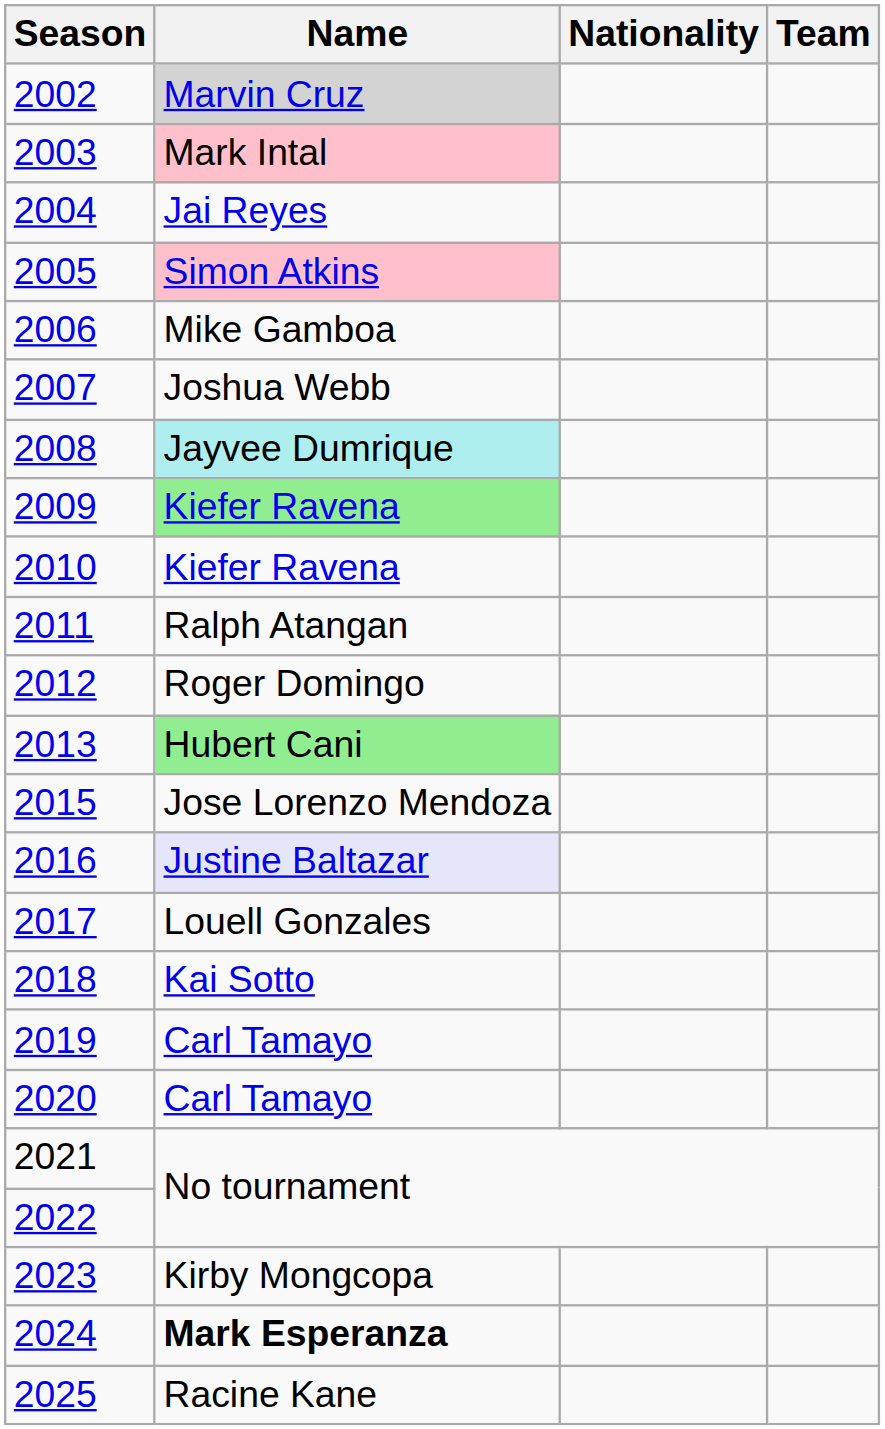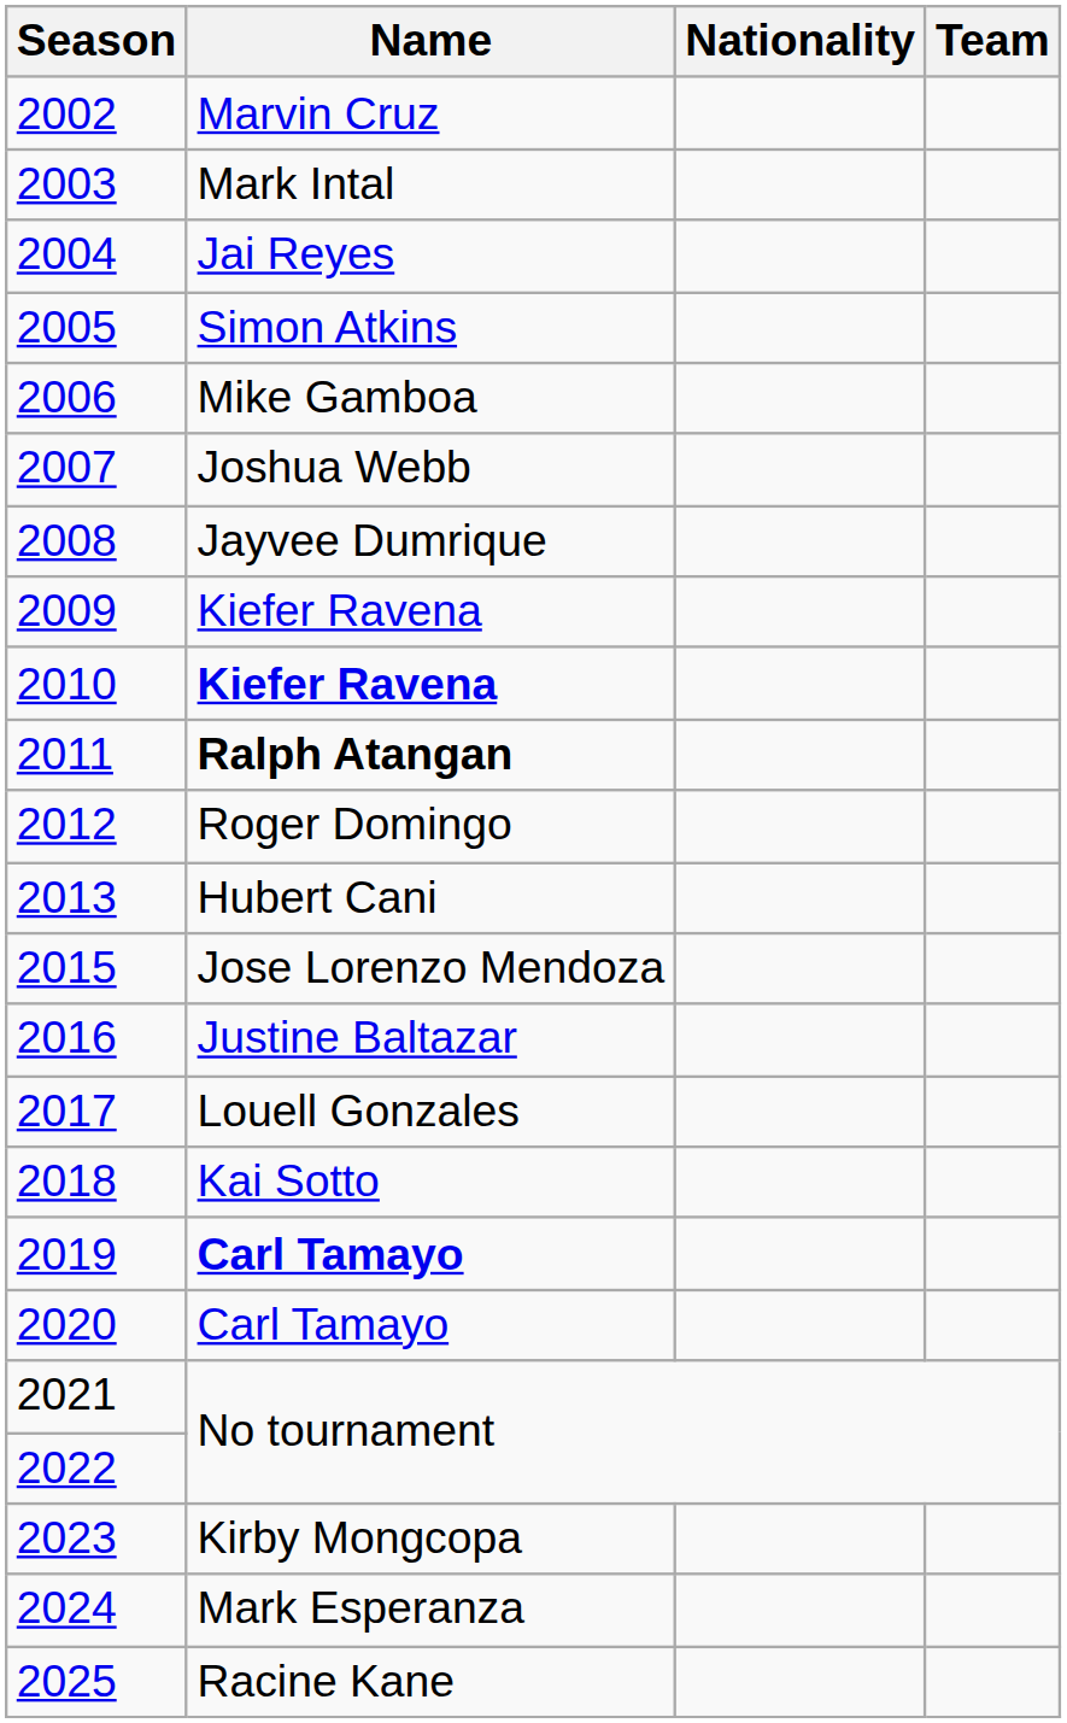 <table class="wikitable">
 <tr>
 <th>Season</th>
 <th>Name</th>
 <th>Nationality</th>
 <th>Team</th>
 </tr>
 <tr>
 <td><a href='#'>2002</a></td>
-<td style="background: lightgrey;"><a href='#'>Marvin Cruz</a></td>
+<td><a href='#'>Marvin Cruz</a></td>
 <td></td>
 <td></td>
 </tr>
 <tr>
 <td><a href='#'>2003</a></td>
-<td style="background: pink;">Mark Intal</td>
+<td>Mark Intal</td>
 <td></td>
 <td></td>
 </tr>
 <tr>
 <td><a href='#'>2004</a></td>
 <td><a href='#'>Jai Reyes</a></td>
 <td></td>
 <td></td>
 </tr>
 <tr>
 <td><a href='#'>2005</a></td>
-<td style="background: pink;"><a href='#'>Simon Atkins</a></td>
+<td><a href='#'>Simon Atkins</a></td>
 <td></td>
 <td></td>
 </tr>
 <tr>
 <td><a href='#'>2006</a></td>
 <td>Mike Gamboa</td>
 <td></td>
 <td></td>
 </tr>
 <tr>
 <td><a href='#'>2007</a></td>
 <td>Joshua Webb</td>
 <td></td>
 <td></td>
 </tr>
 <tr>
 <td><a href='#'>2008</a></td>
-<td style="background: paleturquoise;">Jayvee Dumrique</td>
+<td>Jayvee Dumrique</td>
 <td></td>
 <td></td>
 </tr>
 <tr>
 <td><a href='#'>2009</a></td>
-<td style="background: lightgreen;"><a href='#'>Kiefer Ravena</a></td>
+<td><a href='#'>Kiefer Ravena</a></td>
 <td></td>
 <td></td>
 </tr>
 <tr>
 <td><a href='#'>2010</a></td>
-<td><a href='#'>Kiefer Ravena</a></td>
+<td><strong><a href='#'>Kiefer Ravena</a></strong></td>
 <td></td>
 <td></td>
 </tr>
 <tr>
 <td><a href='#'>2011</a></td>
-<td>Ralph Atangan</td>
+<td><strong>Ralph Atangan</strong></td>
 <td></td>
 <td></td>
 </tr>
 <tr>
 <td><a href='#'>2012</a></td>
 <td>Roger Domingo</td>
 <td></td>
 <td></td>
 </tr>
 <tr>
 <td><a href='#'>2013</a></td>
-<td style="background: lightgreen;">Hubert Cani</td>
+<td>Hubert Cani</td>
 <td></td>
 <td></td>
 </tr>
 <tr>
 <td><a href='#'>2015</a></td>
 <td>Jose Lorenzo Mendoza</td>
 <td></td>
 <td></td>
 </tr>
 <tr>
 <td><a href='#'>2016</a></td>
-<td style="background: lavender;"><a href='#'>Justine Baltazar</a></td>
+<td><a href='#'>Justine Baltazar</a></td>
 <td></td>
 <td></td>
 </tr>
 <tr>
 <td><a href='#'>2017</a></td>
 <td>Louell Gonzales</td>
 <td></td>
 <td></td>
 </tr>
 <tr>
 <td><a href='#'>2018</a></td>
 <td><a href='#'>Kai Sotto</a></td>
 <td></td>
 <td></td>
 </tr>
 <tr>
 <td><a href='#'>2019</a></td>
-<td><a href='#'>Carl Tamayo</a></td>
+<td><strong><a href='#'>Carl Tamayo</a></strong></td>
 <td></td>
 <td></td>
 </tr>
 <tr>
 <td><a href='#'>2020</a></td>
 <td><a href='#'>Carl Tamayo</a></td>
 <td></td>
 <td></td>
 </tr>
 <tr>
 <td>2021</td>
 <td colspan="3" rowspan="2">No tournament</td>
 </tr>
 <tr>
 <td><a href='#'>2022</a></td>
 </tr>
 <tr>
 <td><a href='#'>2023</a></td>
 <td>Kirby Mongcopa</td>
 <td></td>
 <td></td>
 </tr>
 <tr>
 <td><a href='#'>2024</a></td>
-<td><strong>Mark Esperanza</strong></td>
+<td>Mark Esperanza</td>
 <td></td>
 <td></td>
 </tr>
 <tr>
 <td><a href='#'>2025</a></td>
 <td>Racine Kane</td>
 <td></td>
 <td></td>
 </tr>
 </table>
